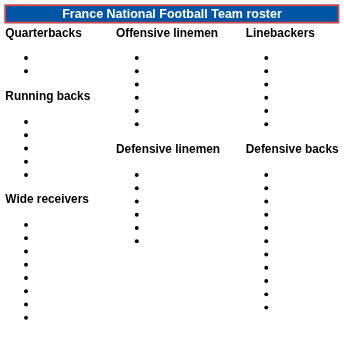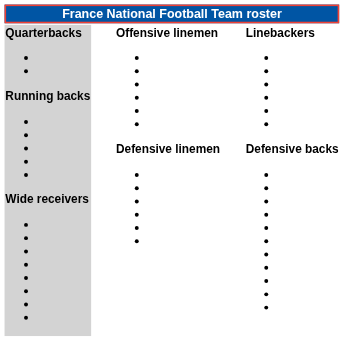 <table class="toccolours" style="text-align: left;">
 <tr>
 <th colspan="7" align="center" ; style="background-color: #0055A4; color:white; border:2px solid #EF4135;"><strong>France National Football Team roster</strong></th>
 </tr>
 <tr>
-<td style="font-size:95%; vertical-align:top;"><strong>Quarterbacks</strong><br><ul><li></li><li></li></ul><strong>Running backs</strong><ul><li></li><li></li><li></li><li></li><li></li></ul><strong>Wide receivers</strong><ul><li></li><li></li><li></li><li></li><li></li><li></li><li></li><li></li></ul></td>
+<td style="background: lightgrey; font-size:95%; vertical-align:top;"><strong>Quarterbacks</strong><br><ul><li></li><li></li></ul><strong>Running backs</strong><ul><li></li><li></li><li></li><li></li><li></li></ul><strong>Wide receivers</strong><ul><li></li><li></li><li></li><li></li><li></li><li></li><li></li><li></li></ul></td>
 <td style="width: 25px;"></td>
 <td style="font-size:95%; vertical-align:top;"><strong>Offensive linemen</strong><br><ul><li></li><li></li><li></li><li></li><li></li><li></li></ul><strong>Defensive linemen</strong><ul><li></li><li></li><li></li><li></li><li></li><li></li></ul></td>
 <td style="width: 25px;"></td>
 <td style="font-size:95%; vertical-align:top;"><strong>Linebackers </strong><br><ul><li></li><li></li><li></li><li></li><li></li><li></li></ul><strong>Defensive backs</strong><ul><li></li><li></li><li></li><li></li><li></li><li></li><li></li><li></li><li></li><li></li><li></li></ul></td>
 </tr>
 <tr>
 </tr>
 </table>
